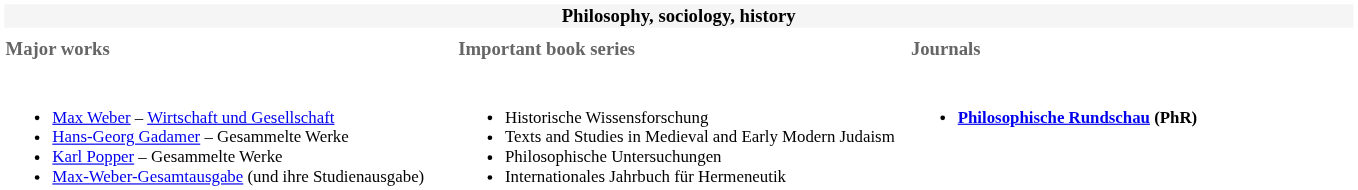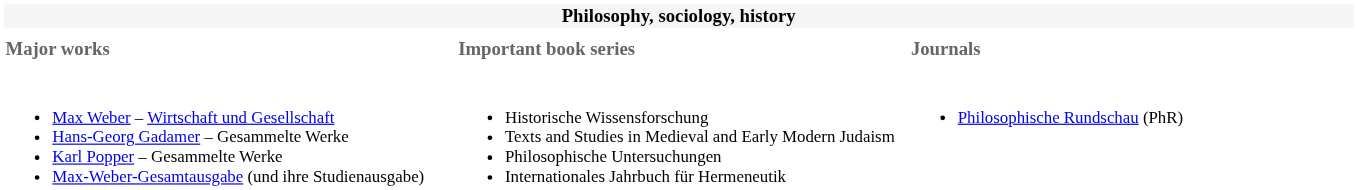 <table cellspacing="8">
 <tr>
 <th colspan="3" style="background:#F5F5F5" style="color:#333333;font-size:120%;border:1px #C0C0C0 solid;">Philosophy, sociology, history</th>
 </tr>
 <tr align="left" style="color:#666666">
 <th width="33%">Major works</th>
 <th width="33%">Important book series</th>
 <th width="33%">Journals</th>
 </tr>
 <tr>
 <td vAlign="top" style="font-size:90%"><br><ul><li><a href='#'>Max Weber</a> – <a href='#'>Wirtschaft und Gesellschaft</a></li><li><a href='#'>Hans-Georg Gadamer</a> – Gesammelte Werke</li><li><a href='#'>Karl Popper</a> – Gesammelte Werke</li><li><a href='#'>Max-Weber-Gesamtausgabe</a> (und ihre Studienausgabe)</li></ul></td>
 <td vAlign="top" style="font-size:90%"><br><ul><li>Historische Wissensforschung</li><li>Texts and Studies in Medieval and Early Modern Judaism</li><li>Philosophische Untersuchungen</li><li>Internationales Jahrbuch für Hermeneutik</li></ul></td>
-<td vAlign="top" style="font-size:90%"><strong><br><ul><li><a href='#'>Philosophische Rundschau</a> (PhR)</li></ul></strong></td>
+<td vAlign="top" style="font-size:90%"><br><ul><li><a href='#'>Philosophische Rundschau</a> (PhR)</li></ul></td>
 </tr>
 </table>
